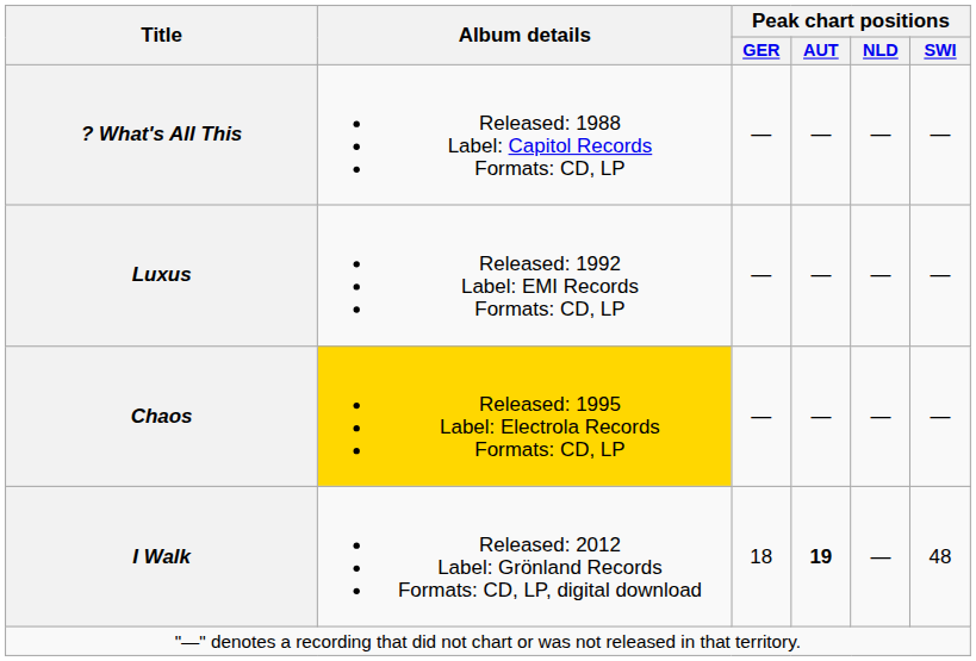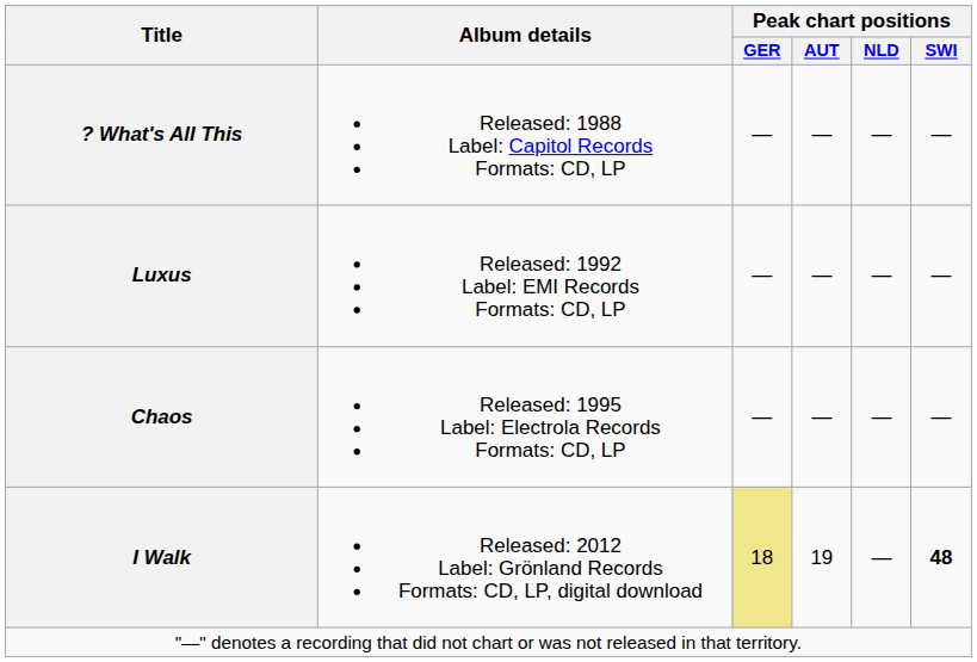 <table class="wikitable plainrowheaders" style="text-align:center;" border="1">
 <tr>
 <th scope="col" rowspan="2" style="width:15em;">Title</th>
 <th scope="col" rowspan="2" style="width:20em;">Album details</th>
 <th scope="col" colspan="4">Peak chart positions</th>
 </tr>
 <tr>
 <th style="width:3em;font-size:85%;"><a href='#'>GER</a><br></th>
 <th style="width:3em;font-size:85%;"><a href='#'>AUT</a><br></th>
 <th style="width:3em;font-size:85%;"><a href='#'>NLD</a><br></th>
 <th style="width:3em;font-size:85%;"><a href='#'>SWI</a><br></th>
 </tr>
 <tr>
 <th scope="row"><em>? What's All This</em></th>
 <td><br><ul><li>Released: 1988</li><li>Label: <a href='#'>Capitol Records</a></li><li>Formats: CD, LP</li></ul></td>
 <td>—</td>
 <td>—</td>
 <td>—</td>
 <td>—</td>
 </tr>
 <tr>
 <th scope="row"><em>Luxus</em></th>
 <td><br><ul><li>Released: 1992</li><li>Label: EMI Records</li><li>Formats: CD, LP</li></ul></td>
 <td>—</td>
 <td>—</td>
 <td>—</td>
 <td>—</td>
 </tr>
 <tr>
 <th scope="row"><em>Chaos</em></th>
-<td style="background: gold;"><br><ul><li>Released: 1995</li><li>Label: Electrola Records</li><li>Formats: CD, LP</li></ul></td>
+<td><br><ul><li>Released: 1995</li><li>Label: Electrola Records</li><li>Formats: CD, LP</li></ul></td>
 <td>—</td>
 <td>—</td>
 <td>—</td>
 <td>—</td>
 </tr>
 <tr>
 <th scope="row"><em>I Walk</em></th>
 <td><br><ul><li>Released: 2012</li><li>Label: Grönland Records</li><li>Formats: CD, LP, digital download</li></ul></td>
-<td>18</td>
-<td><strong>19</strong></td>
+<td style="background: khaki;">18</td>
+<td>19</td>
 <td>—</td>
-<td>48</td>
+<td><strong>48</strong></td>
 </tr>
 <tr>
 <td colspan="6" style="font-size:90%">"—" denotes a recording that did not chart or was not released in that territory.</td>
 </tr>
 </table>
